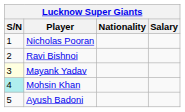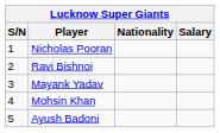 <table class="wikitable" style="font-size:95%;">
 <tr>
 <th scope="colgroup" colspan="4" style="background:#"><a href='#'><span>Lucknow Super Giants</span></a></th>
 </tr>
 <tr>
 <th scope="col">S/N</th>
 <th scope="col">Player</th>
 <th scope="col">Nationality</th>
 <th scope="col">Salary</th>
 </tr>
 <tr>
 <td>1</td>
 <td><a href='#'>Nicholas Pooran</a></td>
 <td></td>
 <td></td>
 </tr>
 <tr>
 <td>2</td>
 <td><a href='#'>Ravi Bishnoi</a></td>
 <td></td>
 <td></td>
 </tr>
 <tr>
-<td style="background: lightyellow;">3</td>
+<td>3</td>
 <td><a href='#'>Mayank Yadav</a></td>
 <td></td>
 <td></td>
 </tr>
 <tr>
-<td style="background: paleturquoise;">4</td>
+<td>4</td>
 <td><a href='#'>Mohsin Khan</a></td>
 <td></td>
 <td></td>
 </tr>
 <tr>
 <td>5</td>
 <td><a href='#'>Ayush Badoni</a></td>
 <td></td>
 <td></td>
 </tr>
 </table>
